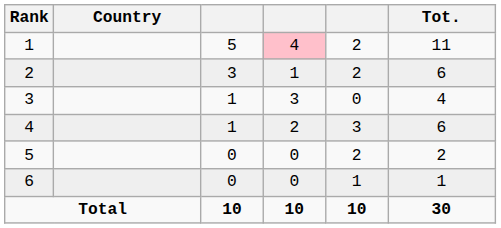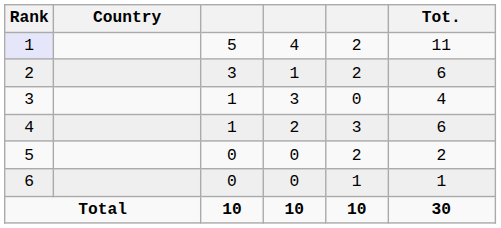 <table class=wikitable width=40% cellspacing="1" cellpadding="3" style="border:1px solid #AAAAAA;font-size:90%; text-align:center">
 <tr bgcolor="#EFEFEF">
 <th width=10%>Rank</th>
 <th width=30%>Country</th>
 <th></th>
 <th></th>
 <th></th>
 <th>Tot.</th>
 </tr>
 <tr>
-<td>1</td>
+<td style="background: lavender;">1</td>
 <td align=left></td>
 <td>5</td>
-<td style="background: pink;">4</td>
+<td>4</td>
 <td>2</td>
 <td>11</td>
 </tr>
 <tr bgcolor="#efefef">
 <td>2</td>
 <td align=left></td>
 <td>3</td>
 <td>1</td>
 <td>2</td>
 <td>6</td>
 </tr>
 <tr>
 <td>3</td>
 <td align=left></td>
 <td>1</td>
 <td>3</td>
 <td>0</td>
 <td>4</td>
 </tr>
 <tr bgcolor="#efefef">
 <td>4</td>
 <td align=left></td>
 <td>1</td>
 <td>2</td>
 <td>3</td>
 <td>6</td>
 </tr>
 <tr>
 <td>5</td>
 <td align=left></td>
 <td>0</td>
 <td>0</td>
 <td>2</td>
 <td>2</td>
 </tr>
 <tr bgcolor="#efefef">
 <td>6</td>
 <td align=left></td>
 <td>0</td>
 <td>0</td>
 <td>1</td>
 <td>1</td>
 </tr>
 <tr>
 <td colspan=2><strong>Total</strong></td>
 <td><strong>10</strong></td>
 <td><strong>10</strong></td>
 <td><strong>10</strong></td>
 <td><strong>30</strong></td>
 </tr>
 </table>
